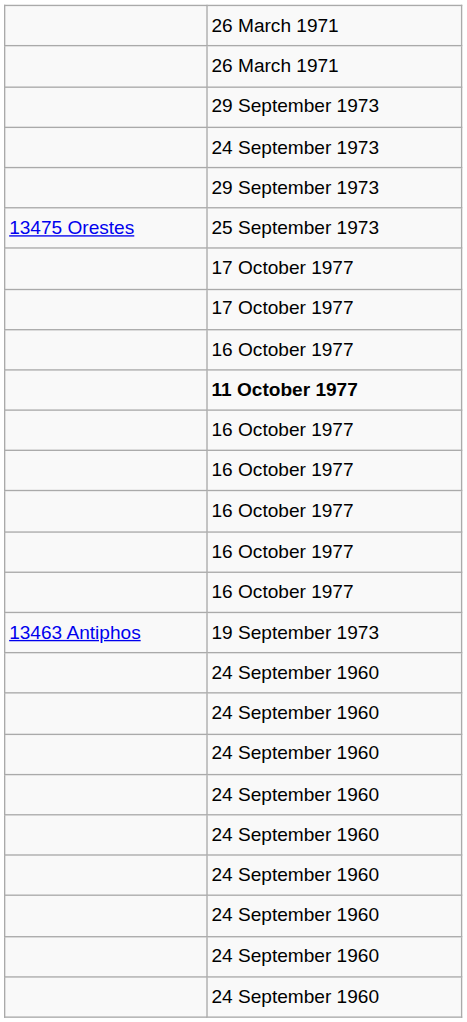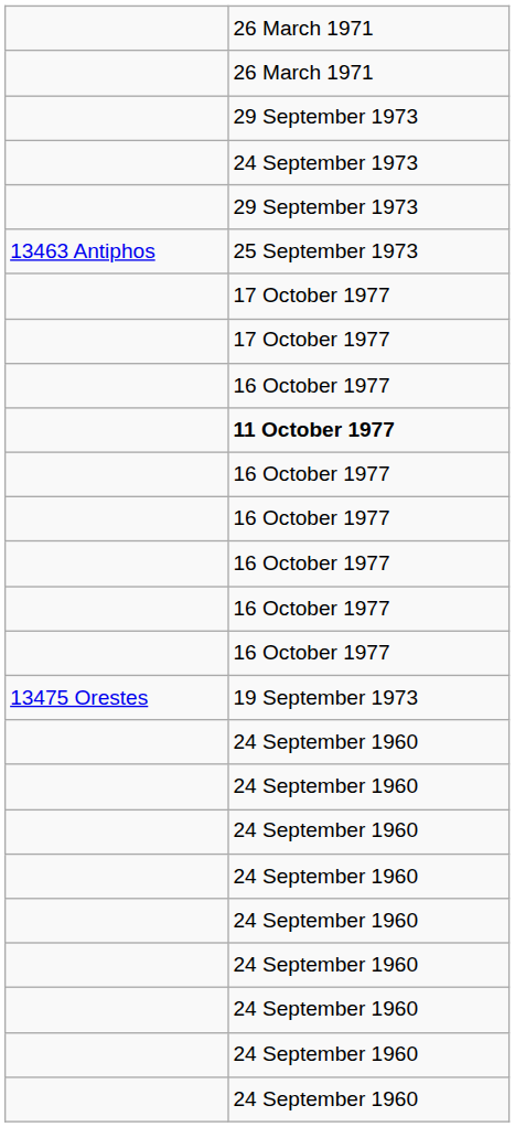 <table class="wikitable" style="font-size: 89%; float: left; width: 24em; margin-right: 1em; line-height: 1.65em">
 <tr>
 <td></td>
 <td>26 March 1971</td>
 </tr>
 <tr>
 <td></td>
 <td>26 March 1971</td>
 </tr>
 <tr>
 <td></td>
 <td>29 September 1973</td>
 </tr>
 <tr>
 <td></td>
 <td>24 September 1973</td>
 </tr>
 <tr>
 <td></td>
 <td>29 September 1973</td>
 </tr>
 <tr>
-<td><a href='#'>13475 Orestes</a></td>
+<td><a href='#'>13463 Antiphos</a></td>
 <td>25 September 1973</td>
 </tr>
 <tr>
 <td></td>
 <td>17 October 1977</td>
 </tr>
 <tr>
 <td></td>
 <td>17 October 1977</td>
 </tr>
 <tr>
 <td></td>
 <td>16 October 1977</td>
 </tr>
 <tr>
 <td></td>
 <td><strong>11 October 1977</strong></td>
 </tr>
 <tr>
 <td></td>
 <td>16 October 1977</td>
 </tr>
 <tr>
 <td></td>
 <td>16 October 1977</td>
 </tr>
 <tr>
 <td></td>
 <td>16 October 1977</td>
 </tr>
 <tr>
 <td></td>
 <td>16 October 1977</td>
 </tr>
 <tr>
 <td></td>
 <td>16 October 1977</td>
 </tr>
 <tr>
-<td><a href='#'>13463 Antiphos</a></td>
+<td><a href='#'>13475 Orestes</a></td>
 <td>19 September 1973</td>
 </tr>
 <tr>
 <td></td>
 <td>24 September 1960</td>
 </tr>
 <tr>
 <td></td>
 <td>24 September 1960</td>
 </tr>
 <tr>
 <td></td>
 <td>24 September 1960</td>
 </tr>
 <tr>
 <td></td>
 <td>24 September 1960</td>
 </tr>
 <tr>
 <td></td>
 <td>24 September 1960</td>
 </tr>
 <tr>
 <td></td>
 <td>24 September 1960</td>
 </tr>
 <tr>
 <td></td>
 <td>24 September 1960</td>
 </tr>
 <tr>
 <td></td>
 <td>24 September 1960</td>
 </tr>
 <tr>
 <td></td>
 <td>24 September 1960</td>
 </tr>
 </table>
